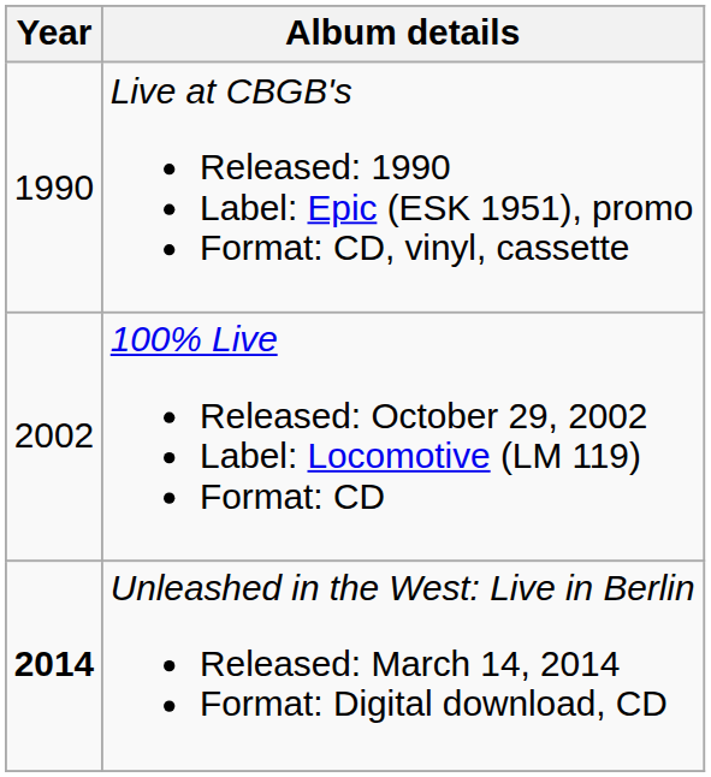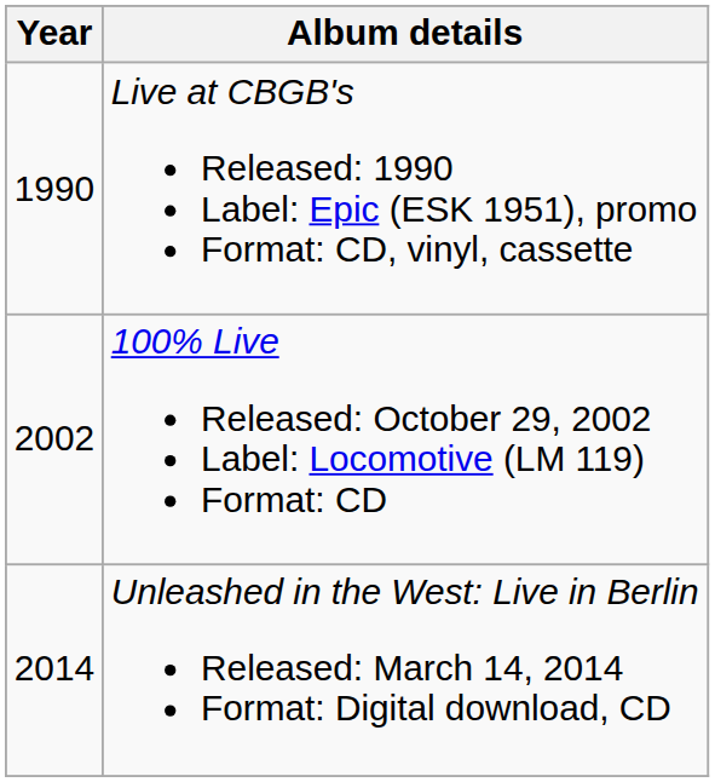 <table class="wikitable">
 <tr>
 <th>Year</th>
 <th>Album details</th>
 </tr>
 <tr>
 <td>1990</td>
 <td><em>Live at CBGB's</em><br><ul><li>Released: 1990</li><li>Label: <a href='#'>Epic</a> (ESK 1951), promo</li><li>Format: CD, vinyl, cassette</li></ul></td>
 </tr>
 <tr>
 <td>2002</td>
 <td><em><a href='#'>100% Live</a></em><br><ul><li>Released: October 29, 2002</li><li>Label: <a href='#'>Locomotive</a> (LM 119)</li><li>Format: CD</li></ul></td>
 </tr>
 <tr>
-<td><strong>2014</strong></td>
+<td>2014</td>
 <td><em>Unleashed in the West: Live in Berlin</em><br><ul><li>Released: March 14, 2014</li><li>Format: Digital download, CD</li></ul></td>
 </tr>
 </table>
